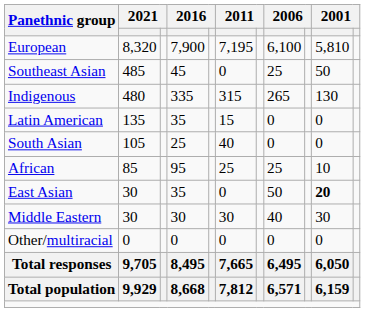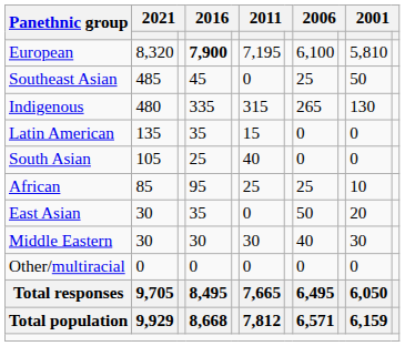 <table class="wikitable collapsible sortable">
 <tr>
 <th rowspan="2"><a href='#'>Panethnic</a> group</th>
 <th colspan="2">2021</th>
 <th colspan="2">2016</th>
 <th colspan="2">2011</th>
 <th colspan="2">2006</th>
 <th colspan="2">2001</th>
 </tr>
 <tr>
 <th><a href='#'></a></th>
 <th></th>
 <th></th>
 <th></th>
 <th></th>
 <th></th>
 <th></th>
 <th></th>
 <th></th>
 <th></th>
 </tr>
 <tr>
 <td><a href='#'>European</a></td>
 <td>8,320</td>
 <td></td>
-<td>7,900</td>
+<td><strong>7,900</strong></td>
 <td></td>
 <td>7,195</td>
 <td></td>
 <td>6,100</td>
 <td></td>
 <td>5,810</td>
 <td></td>
 </tr>
 <tr>
 <td><a href='#'>Southeast Asian</a></td>
 <td>485</td>
 <td></td>
 <td>45</td>
 <td></td>
 <td>0</td>
 <td></td>
 <td>25</td>
 <td></td>
 <td>50</td>
 <td></td>
 </tr>
 <tr>
 <td><a href='#'>Indigenous</a></td>
 <td>480</td>
 <td></td>
 <td>335</td>
 <td></td>
 <td>315</td>
 <td></td>
 <td>265</td>
 <td></td>
 <td>130</td>
 <td></td>
 </tr>
 <tr>
 <td><a href='#'>Latin American</a></td>
 <td>135</td>
 <td></td>
 <td>35</td>
 <td></td>
 <td>15</td>
 <td></td>
 <td>0</td>
 <td></td>
 <td>0</td>
 <td></td>
 </tr>
 <tr>
 <td><a href='#'>South Asian</a></td>
 <td>105</td>
 <td></td>
 <td>25</td>
 <td></td>
 <td>40</td>
 <td></td>
 <td>0</td>
 <td></td>
 <td>0</td>
 <td></td>
 </tr>
 <tr>
 <td><a href='#'>African</a></td>
 <td>85</td>
 <td></td>
 <td>95</td>
 <td></td>
 <td>25</td>
 <td></td>
 <td>25</td>
 <td></td>
 <td>10</td>
 <td></td>
 </tr>
 <tr>
 <td><a href='#'>East Asian</a></td>
 <td>30</td>
 <td></td>
 <td>35</td>
 <td></td>
 <td>0</td>
 <td></td>
 <td>50</td>
 <td></td>
-<td><strong>20</strong></td>
+<td>20</td>
 <td></td>
 </tr>
 <tr>
 <td><a href='#'>Middle Eastern</a></td>
 <td>30</td>
 <td></td>
 <td>30</td>
 <td></td>
 <td>30</td>
 <td></td>
 <td>40</td>
 <td></td>
 <td>30</td>
 <td></td>
 </tr>
 <tr>
 <td>Other/<a href='#'>multiracial</a></td>
 <td>0</td>
 <td></td>
 <td>0</td>
 <td></td>
 <td>0</td>
 <td></td>
 <td>0</td>
 <td></td>
 <td>0</td>
 <td></td>
 </tr>
 <tr>
 <th>Total responses</th>
 <th>9,705</th>
 <th></th>
 <th>8,495</th>
 <th></th>
 <th>7,665</th>
 <th></th>
 <th>6,495</th>
 <th></th>
 <th>6,050</th>
 <th></th>
 </tr>
 <tr class="sortbottom">
 <th>Total population</th>
 <th>9,929</th>
 <th></th>
 <th>8,668</th>
 <th></th>
 <th>7,812</th>
 <th></th>
 <th>6,571</th>
 <th></th>
 <th>6,159</th>
 <th></th>
 </tr>
 <tr class="sortbottom">
 <td colspan="11"></td>
 </tr>
 </table>
